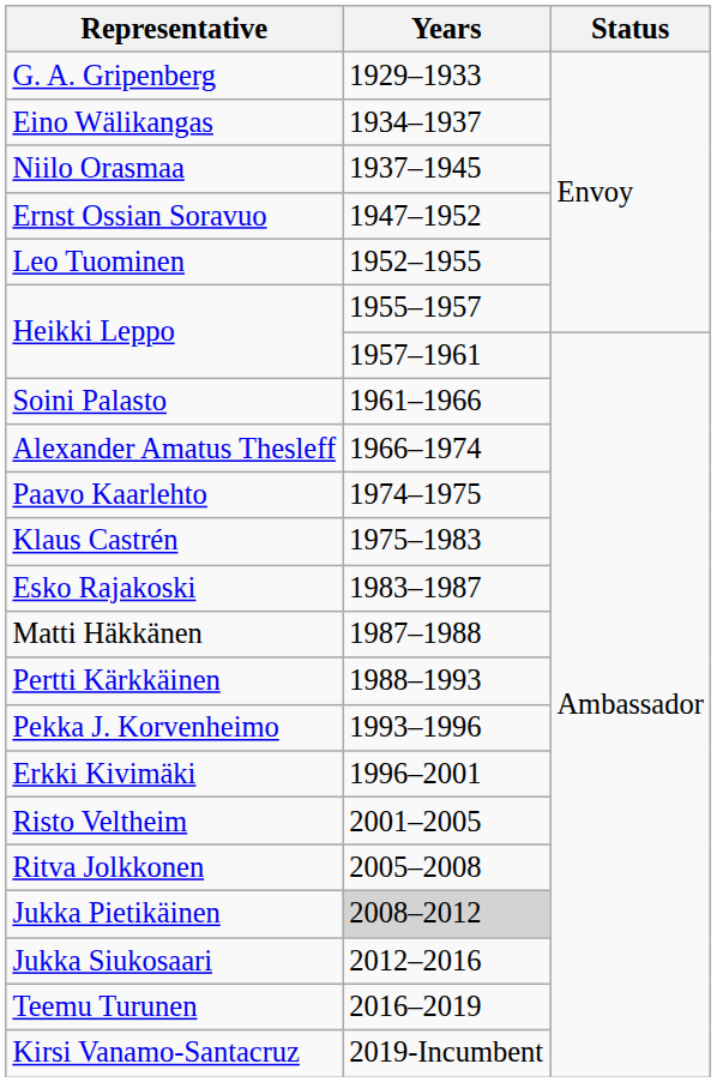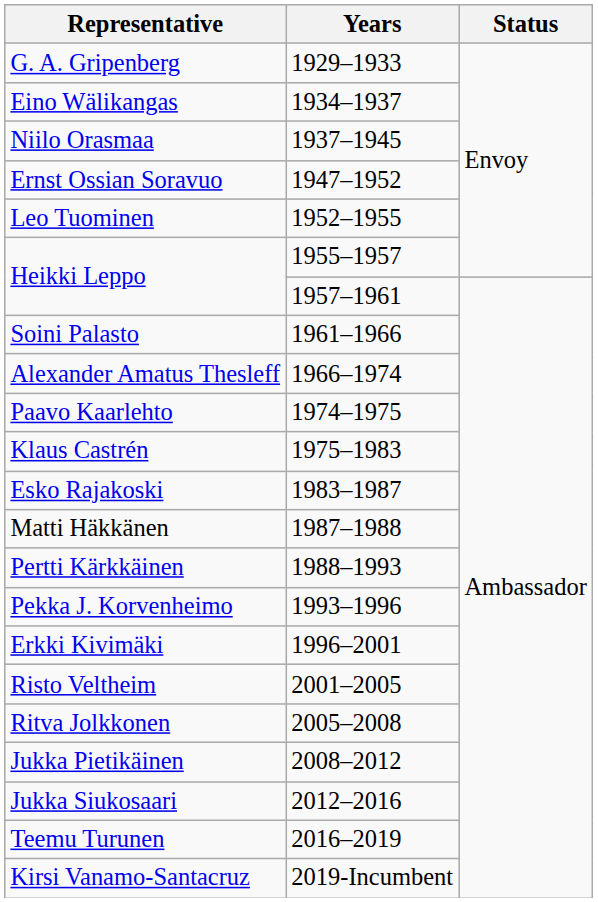 <table class="wikitable sortable">
 <tr>
 <th>Representative</th>
 <th>Years</th>
 <th>Status</th>
 </tr>
 <tr>
 <td><a href='#'>G. A. Gripenberg</a></td>
 <td>1929–1933</td>
 <td rowspan="6">Envoy</td>
 </tr>
 <tr>
 <td><a href='#'>Eino Wälikangas</a></td>
 <td>1934–1937</td>
 </tr>
 <tr>
 <td><a href='#'>Niilo Orasmaa</a></td>
 <td>1937–1945</td>
 </tr>
 <tr>
 <td><a href='#'>Ernst Ossian Soravuo</a></td>
 <td>1947–1952</td>
 </tr>
 <tr>
 <td><a href='#'>Leo Tuominen</a></td>
 <td>1952–1955</td>
 </tr>
 <tr>
 <td rowspan="2"><a href='#'>Heikki Leppo</a></td>
 <td>1955–1957</td>
 </tr>
 <tr>
 <td>1957–1961</td>
 <td rowspan="16">Ambassador</td>
 </tr>
 <tr>
 <td><a href='#'>Soini Palasto</a></td>
 <td>1961–1966</td>
 </tr>
 <tr>
 <td><a href='#'>Alexander Amatus Thesleff</a></td>
 <td>1966–1974</td>
 </tr>
 <tr>
 <td><a href='#'>Paavo Kaarlehto</a></td>
 <td>1974–1975</td>
 </tr>
 <tr>
 <td><a href='#'>Klaus Castrén</a></td>
 <td>1975–1983</td>
 </tr>
 <tr>
 <td><a href='#'>Esko Rajakoski</a></td>
 <td>1983–1987</td>
 </tr>
 <tr>
 <td>Matti Häkkänen</td>
 <td>1987–1988</td>
 </tr>
 <tr>
 <td><a href='#'>Pertti Kärkkäinen</a></td>
 <td>1988–1993</td>
 </tr>
 <tr>
 <td><a href='#'>Pekka J. Korvenheimo</a></td>
 <td>1993–1996</td>
 </tr>
 <tr>
 <td><a href='#'>Erkki Kivimäki</a></td>
 <td>1996–2001</td>
 </tr>
 <tr>
 <td><a href='#'>Risto Veltheim</a></td>
 <td>2001–2005</td>
 </tr>
 <tr>
 <td><a href='#'>Ritva Jolkkonen</a></td>
 <td>2005–2008</td>
 </tr>
 <tr>
 <td><a href='#'>Jukka Pietikäinen</a></td>
-<td style="background: lightgrey;">2008–2012</td>
+<td>2008–2012</td>
 </tr>
 <tr>
 <td><a href='#'>Jukka Siukosaari</a></td>
 <td>2012–2016</td>
 </tr>
 <tr>
 <td><a href='#'>Teemu Turunen</a></td>
 <td>2016–2019</td>
 </tr>
 <tr>
 <td><a href='#'>Kirsi Vanamo-Santacruz</a></td>
 <td>2019-Incumbent</td>
 </tr>
 </table>
